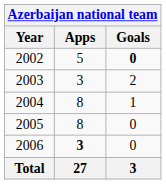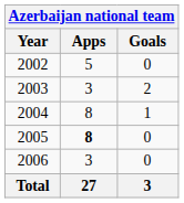 <table class="wikitable" style="text-align:center">
 <tr>
 <th colspan=3><a href='#'>Azerbaijan national team</a></th>
 </tr>
 <tr>
 <th>Year</th>
 <th>Apps</th>
 <th>Goals</th>
 </tr>
 <tr>
 <td>2002</td>
 <td>5</td>
-<td><strong>0</strong></td>
+<td>0</td>
 </tr>
 <tr>
 <td>2003</td>
 <td>3</td>
 <td>2</td>
 </tr>
 <tr>
 <td>2004</td>
 <td>8</td>
 <td>1</td>
 </tr>
 <tr>
 <td>2005</td>
-<td>8</td>
+<td><strong>8</strong></td>
 <td>0</td>
 </tr>
 <tr>
 <td>2006</td>
-<td><strong>3</strong></td>
+<td>3</td>
 <td>0</td>
 </tr>
 <tr>
 <th>Total</th>
 <th>27</th>
 <th>3</th>
 </tr>
 </table>
